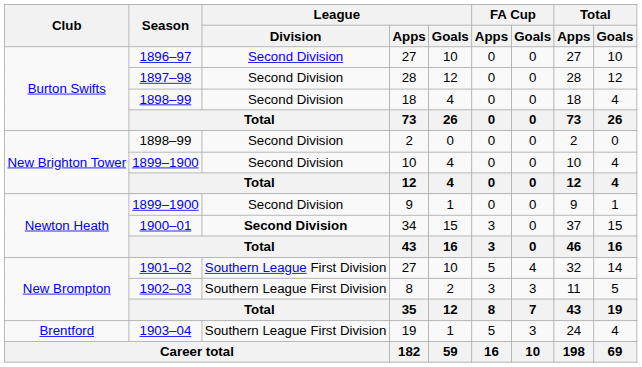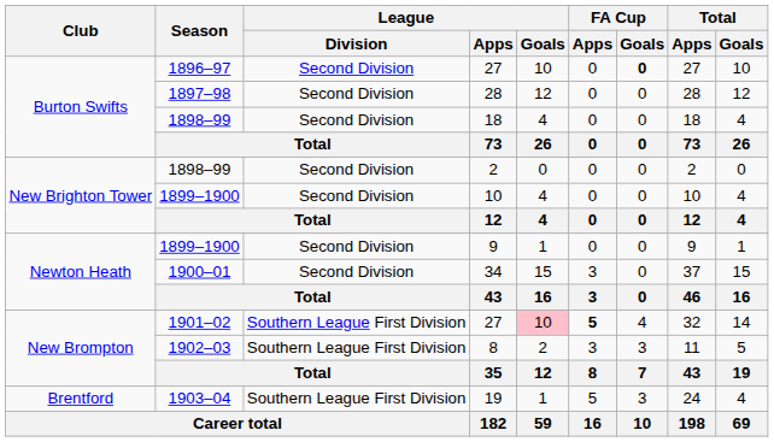 <table class="wikitable" style="text-align:center">
 <tr>
 <th rowspan="2">Club</th>
 <th rowspan="2">Season</th>
 <th colspan="3">League</th>
 <th colspan="2">FA Cup</th>
 <th colspan="2">Total</th>
 </tr>
 <tr>
 <th>Division</th>
 <th>Apps</th>
 <th>Goals</th>
 <th>Apps</th>
 <th>Goals</th>
 <th>Apps</th>
 <th>Goals</th>
 </tr>
 <tr>
 <td rowspan="4"><a href='#'>Burton Swifts</a></td>
 <td><a href='#'>1896–97</a></td>
 <td><a href='#'>Second Division</a></td>
 <td>27</td>
 <td>10</td>
 <td>0</td>
-<td>0</td>
+<td><strong>0</strong></td>
 <td>27</td>
 <td>10</td>
 </tr>
 <tr>
 <td><a href='#'>1897–98</a></td>
 <td>Second Division</td>
 <td>28</td>
 <td>12</td>
 <td>0</td>
 <td>0</td>
 <td>28</td>
 <td>12</td>
 </tr>
 <tr>
 <td><a href='#'>1898–99</a></td>
 <td>Second Division</td>
 <td>18</td>
 <td>4</td>
 <td>0</td>
 <td>0</td>
 <td>18</td>
 <td>4</td>
 </tr>
 <tr>
 <th colspan="2">Total</th>
 <th>73</th>
 <th>26</th>
 <th>0</th>
 <th>0</th>
 <th>73</th>
 <th>26</th>
 </tr>
 <tr>
 <td rowspan="3"><a href='#'>New Brighton Tower</a></td>
 <td>1898–99</td>
 <td>Second Division</td>
 <td>2</td>
 <td>0</td>
 <td>0</td>
 <td>0</td>
 <td>2</td>
 <td>0</td>
 </tr>
 <tr>
 <td><a href='#'>1899–1900</a></td>
 <td>Second Division</td>
 <td>10</td>
 <td>4</td>
 <td>0</td>
 <td>0</td>
 <td>10</td>
 <td>4</td>
 </tr>
 <tr>
 <th colspan="2">Total</th>
 <th>12</th>
 <th>4</th>
 <th>0</th>
 <th>0</th>
 <th>12</th>
 <th>4</th>
 </tr>
 <tr>
 <td rowspan="3"><a href='#'>Newton Heath</a></td>
 <td><a href='#'>1899–1900</a></td>
 <td>Second Division</td>
 <td>9</td>
 <td>1</td>
 <td>0</td>
 <td>0</td>
 <td>9</td>
 <td>1</td>
 </tr>
 <tr>
 <td><a href='#'>1900–01</a></td>
-<td><strong>Second Division</strong></td>
+<td>Second Division</td>
 <td>34</td>
 <td>15</td>
 <td>3</td>
 <td>0</td>
 <td>37</td>
 <td>15</td>
 </tr>
 <tr>
 <th colspan="2">Total</th>
 <th>43</th>
 <th>16</th>
 <th>3</th>
 <th>0</th>
 <th>46</th>
 <th>16</th>
 </tr>
 <tr>
 <td rowspan="3"><a href='#'>New Brompton</a></td>
 <td><a href='#'>1901–02</a></td>
 <td><a href='#'>Southern League</a> First Division</td>
 <td>27</td>
-<td>10</td>
-<td>5</td>
+<td style="background: pink;">10</td>
+<td><strong>5</strong></td>
 <td>4</td>
 <td>32</td>
 <td>14</td>
 </tr>
 <tr>
 <td><a href='#'>1902–03</a></td>
 <td>Southern League First Division</td>
 <td>8</td>
 <td>2</td>
 <td>3</td>
 <td>3</td>
 <td>11</td>
 <td>5</td>
 </tr>
 <tr>
 <th colspan="2">Total</th>
 <th>35</th>
 <th>12</th>
 <th>8</th>
 <th>7</th>
 <th>43</th>
 <th>19</th>
 </tr>
 <tr>
 <td><a href='#'>Brentford</a></td>
 <td><a href='#'>1903–04</a></td>
 <td>Southern League First Division</td>
 <td>19</td>
 <td>1</td>
 <td>5</td>
 <td>3</td>
 <td>24</td>
 <td>4</td>
 </tr>
 <tr>
 <th colspan="3">Career total</th>
 <th>182</th>
 <th>59</th>
 <th>16</th>
 <th>10</th>
 <th>198</th>
 <th>69</th>
 </tr>
 </table>
